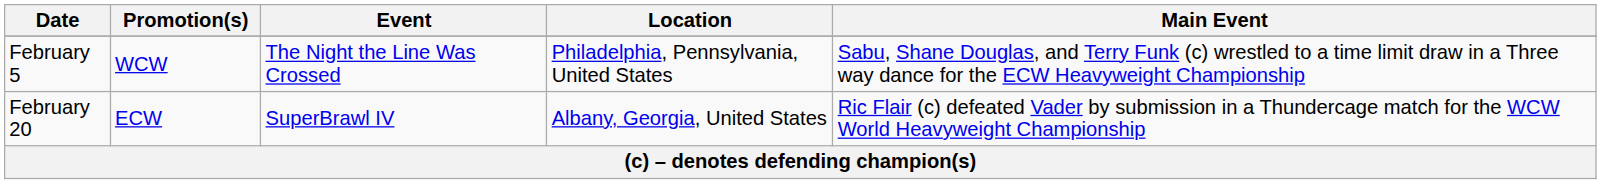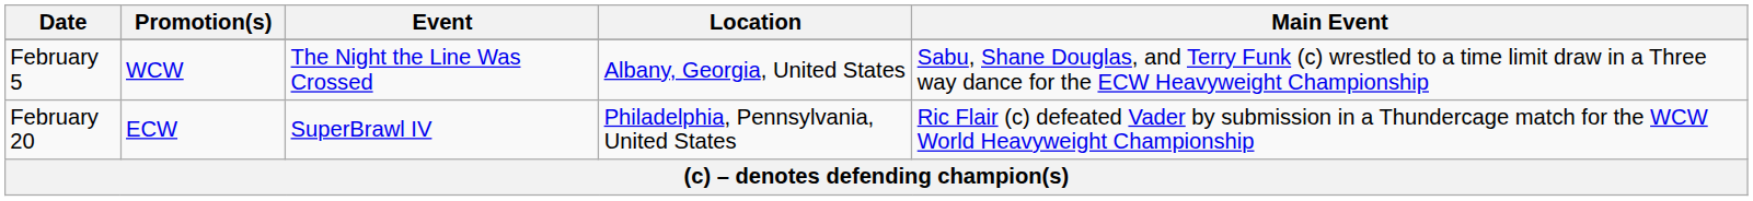 <table class="wikitable" style="width:100%;">
 <tr>
 <th width="5%">Date</th>
 <th width="5%">Promotion(s)</th>
 <th style="width:15%;">Event</th>
 <th style="width:15%;">Location</th>
 <th style="width:40%;">Main Event</th>
 </tr>
 <tr style="width:20%;" |Notes>
 </tr>
 <tr>
 <td>February 5</td>
 <td><a href='#'>WCW</a></td>
 <td><a href='#'>The Night the Line Was Crossed</a></td>
-<td><a href='#'>Philadelphia</a>, Pennsylvania, United States</td>
+<td><a href='#'>Albany, Georgia</a>, United States</td>
 <td><a href='#'>Sabu</a>, <a href='#'>Shane Douglas</a>, and <a href='#'>Terry Funk</a> (c) wrestled to a time limit draw in a Three way dance for the <a href='#'>ECW Heavyweight Championship</a></td>
 </tr>
 <tr>
 <td>February 20</td>
 <td><a href='#'>ECW</a></td>
 <td><a href='#'>SuperBrawl IV</a></td>
-<td><a href='#'>Albany, Georgia</a>, United States</td>
+<td><a href='#'>Philadelphia</a>, Pennsylvania, United States</td>
 <td><a href='#'>Ric Flair</a> (c) defeated <a href='#'>Vader</a> by submission in a Thundercage match for the <a href='#'>WCW World Heavyweight Championship</a></td>
 </tr>
 <tr>
 <th colspan="6">(c) – denotes defending champion(s)</th>
 </tr>
 </table>
